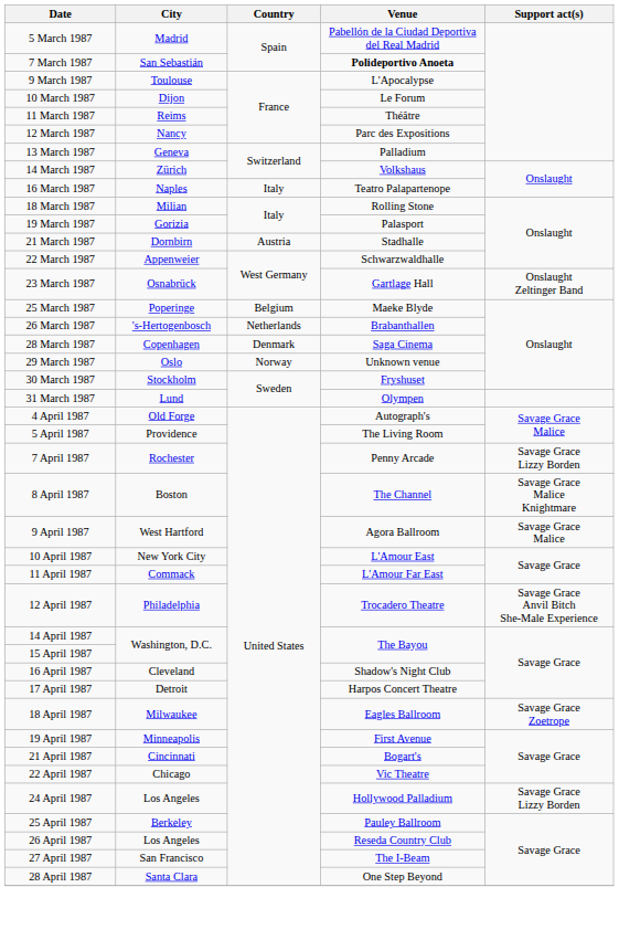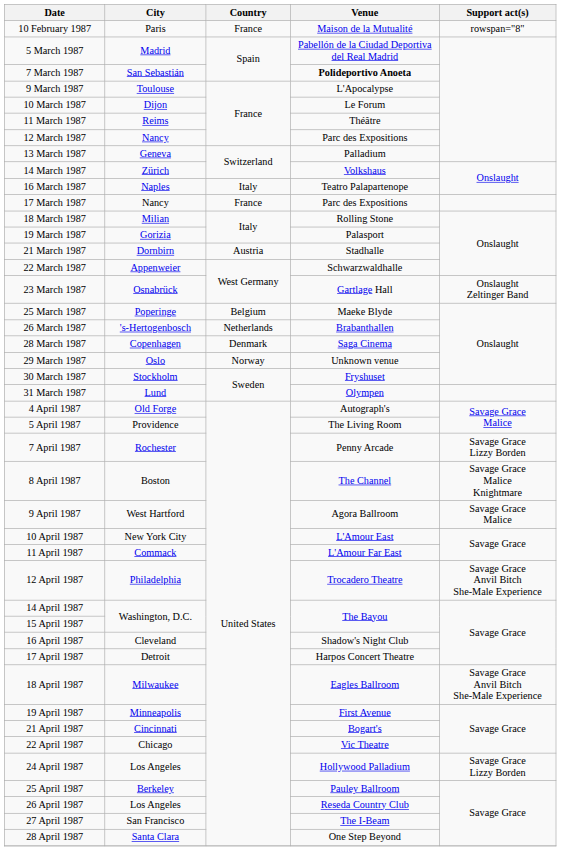 <table class="wikitable" style="text-align:center;">
 <tr>
 <th width="150">Date</th>
 <th width="150">City</th>
 <th width="125">Country</th>
 <th width="225">Venue</th>
 <th width="175">Support act(s)</th>
+</tr>
+<tr>
+<td>10 February 1987</td>
+<td>Paris</td>
+<td>France</td>
+<td><a href='#'>Maison de la Mutualité</a></td>
+<td>rowspan="8" </td>
 </tr>
 <tr>
 <td>5 March 1987</td>
 <td><a href='#'>Madrid</a></td>
 <td rowspan="2">Spain</td>
 <td><a href='#'>Pabellón de la Ciudad Deportiva del Real Madrid</a></td>
 </tr>
 <tr>
 <td>7 March 1987</td>
 <td><a href='#'>San Sebastián</a></td>
 <td><strong>Polideportivo Anoeta</strong></td>
 </tr>
 <tr>
 <td>9 March 1987</td>
 <td><a href='#'>Toulouse</a></td>
 <td rowspan="4">France</td>
 <td>L'Apocalypse</td>
 </tr>
 <tr>
 <td>10 March 1987</td>
 <td><a href='#'>Dijon</a></td>
 <td>Le Forum</td>
 </tr>
 <tr>
 <td>11 March 1987</td>
 <td><a href='#'>Reims</a></td>
 <td>Théâtre</td>
 </tr>
 <tr>
 <td>12 March 1987</td>
 <td><a href='#'>Nancy</a></td>
 <td>Parc des Expositions</td>
 </tr>
 <tr>
 <td>13 March 1987</td>
 <td><a href='#'>Geneva</a></td>
 <td rowspan="2">Switzerland</td>
 <td>Palladium</td>
 </tr>
 <tr>
 <td>14 March 1987</td>
 <td><a href='#'>Zürich</a></td>
 <td><a href='#'>Volkshaus</a></td>
 <td rowspan="2"><a href='#'>Onslaught</a></td>
 </tr>
 <tr>
 <td>16 March 1987</td>
 <td><a href='#'>Naples</a></td>
 <td>Italy</td>
 <td>Teatro Palapartenope</td>
+</tr>
+<tr>
+<td>17 March 1987</td>
+<td>Nancy</td>
+<td>France</td>
+<td>Parc des Expositions</td>
+<td></td>
 </tr>
 <tr>
 <td>18 March 1987</td>
 <td><a href='#'>Milian</a></td>
 <td rowspan="2">Italy</td>
 <td>Rolling Stone</td>
 <td rowspan="4">Onslaught</td>
 </tr>
 <tr>
 <td>19 March 1987</td>
 <td><a href='#'>Gorizia</a></td>
 <td>Palasport</td>
 </tr>
 <tr>
 <td>21 March 1987</td>
 <td><a href='#'>Dornbirn</a></td>
 <td>Austria</td>
 <td>Stadhalle</td>
 </tr>
 <tr>
 <td>22 March 1987</td>
 <td><a href='#'>Appenweier</a></td>
 <td rowspan="2">West Germany</td>
 <td>Schwarzwaldhalle</td>
 </tr>
 <tr>
 <td>23 March 1987</td>
 <td><a href='#'>Osnabrück</a></td>
 <td><a href='#'>Gartlage</a> Hall</td>
 <td>Onslaught<br>Zeltinger Band</td>
 </tr>
 <tr>
 <td>25 March 1987</td>
 <td><a href='#'>Poperinge</a></td>
 <td>Belgium</td>
 <td>Maeke Blyde</td>
 <td rowspan="5">Onslaught</td>
 </tr>
 <tr>
 <td>26 March 1987</td>
 <td><a href='#'>'s-Hertogenbosch</a></td>
 <td>Netherlands</td>
 <td><a href='#'>Brabanthallen</a></td>
 </tr>
 <tr>
 <td>28 March 1987</td>
 <td><a href='#'>Copenhagen</a></td>
 <td>Denmark</td>
 <td><a href='#'>Saga Cinema</a></td>
 </tr>
 <tr>
 <td>29 March 1987</td>
 <td><a href='#'>Oslo</a></td>
 <td>Norway</td>
 <td>Unknown venue</td>
 </tr>
 <tr>
 <td>30 March 1987</td>
 <td><a href='#'>Stockholm</a></td>
 <td rowspan="2">Sweden</td>
 <td><a href='#'>Fryshuset</a></td>
 </tr>
 <tr>
 <td>31 March 1987</td>
 <td><a href='#'>Lund</a></td>
 <td><a href='#'>Olympen</a></td>
 <td></td>
 </tr>
 <tr>
 <td>4 April 1987</td>
 <td><a href='#'>Old Forge</a></td>
 <td rowspan="21">United States</td>
 <td>Autograph's</td>
 <td rowspan="2"><a href='#'>Savage Grace</a><br><a href='#'>Malice</a></td>
 </tr>
 <tr>
 <td>5 April 1987</td>
 <td>Providence</td>
 <td>The Living Room</td>
 </tr>
 <tr>
 <td>7 April 1987</td>
 <td><a href='#'>Rochester</a></td>
 <td>Penny Arcade</td>
 <td>Savage Grace<br>Lizzy Borden</td>
 </tr>
 <tr>
 <td>8 April 1987</td>
 <td>Boston</td>
 <td><a href='#'>The Channel</a></td>
 <td>Savage Grace<br>Malice<br>Knightmare</td>
 </tr>
 <tr>
 <td>9 April 1987</td>
 <td>West Hartford</td>
 <td>Agora Ballroom</td>
 <td>Savage Grace<br>Malice</td>
 </tr>
 <tr>
 <td>10 April 1987</td>
 <td>New York City</td>
 <td><a href='#'>L'Amour East</a></td>
 <td rowspan="2">Savage Grace</td>
 </tr>
 <tr>
 <td>11 April 1987</td>
 <td><a href='#'>Commack</a></td>
 <td><a href='#'>L'Amour Far East</a></td>
 </tr>
 <tr>
 <td>12 April 1987</td>
 <td><a href='#'>Philadelphia</a></td>
 <td><a href='#'>Trocadero Theatre</a></td>
 <td>Savage Grace<br>Anvil Bitch<br>She-Male Experience</td>
 </tr>
 <tr>
 <td>14 April 1987</td>
 <td rowspan="2">Washington, D.C.</td>
 <td rowspan="2"><a href='#'>The Bayou</a></td>
 <td rowspan="4">Savage Grace</td>
 </tr>
 <tr>
 <td>15 April 1987</td>
 </tr>
 <tr>
 <td>16 April 1987</td>
 <td>Cleveland</td>
 <td>Shadow's Night Club</td>
 </tr>
 <tr>
 <td>17 April 1987</td>
 <td>Detroit</td>
 <td>Harpos Concert Theatre</td>
 </tr>
 <tr>
 <td>18 April 1987</td>
 <td><a href='#'>Milwaukee</a></td>
 <td><a href='#'>Eagles Ballroom</a></td>
-<td>Savage Grace<br><a href='#'>Zoetrope</a></td>
+<td>Savage Grace<br>Anvil Bitch<br>She-Male Experience</td>
 </tr>
 <tr>
 <td>19 April 1987</td>
 <td><a href='#'>Minneapolis</a></td>
 <td><a href='#'>First Avenue</a></td>
 <td rowspan="3">Savage Grace</td>
 </tr>
 <tr>
 <td>21 April 1987</td>
 <td><a href='#'>Cincinnati</a></td>
 <td><a href='#'>Bogart's</a></td>
 </tr>
 <tr>
 <td>22 April 1987</td>
 <td>Chicago</td>
 <td><a href='#'>Vic Theatre</a></td>
 </tr>
 <tr>
 <td>24 April 1987</td>
 <td>Los Angeles</td>
 <td><a href='#'>Hollywood Palladium</a></td>
 <td>Savage Grace<br>Lizzy Borden</td>
 </tr>
 <tr>
 <td>25 April 1987</td>
 <td><a href='#'>Berkeley</a></td>
 <td><a href='#'>Pauley Ballroom</a></td>
 <td rowspan="4">Savage Grace</td>
 </tr>
 <tr>
 <td>26 April 1987</td>
 <td>Los Angeles</td>
 <td><a href='#'>Reseda Country Club</a></td>
 </tr>
 <tr>
 <td>27 April 1987</td>
 <td>San Francisco</td>
 <td><a href='#'>The I-Beam</a></td>
 </tr>
 <tr>
 <td>28 April 1987</td>
 <td><a href='#'>Santa Clara</a></td>
 <td>One Step Beyond</td>
 </tr>
 <tr>
 </tr>
 </table>
